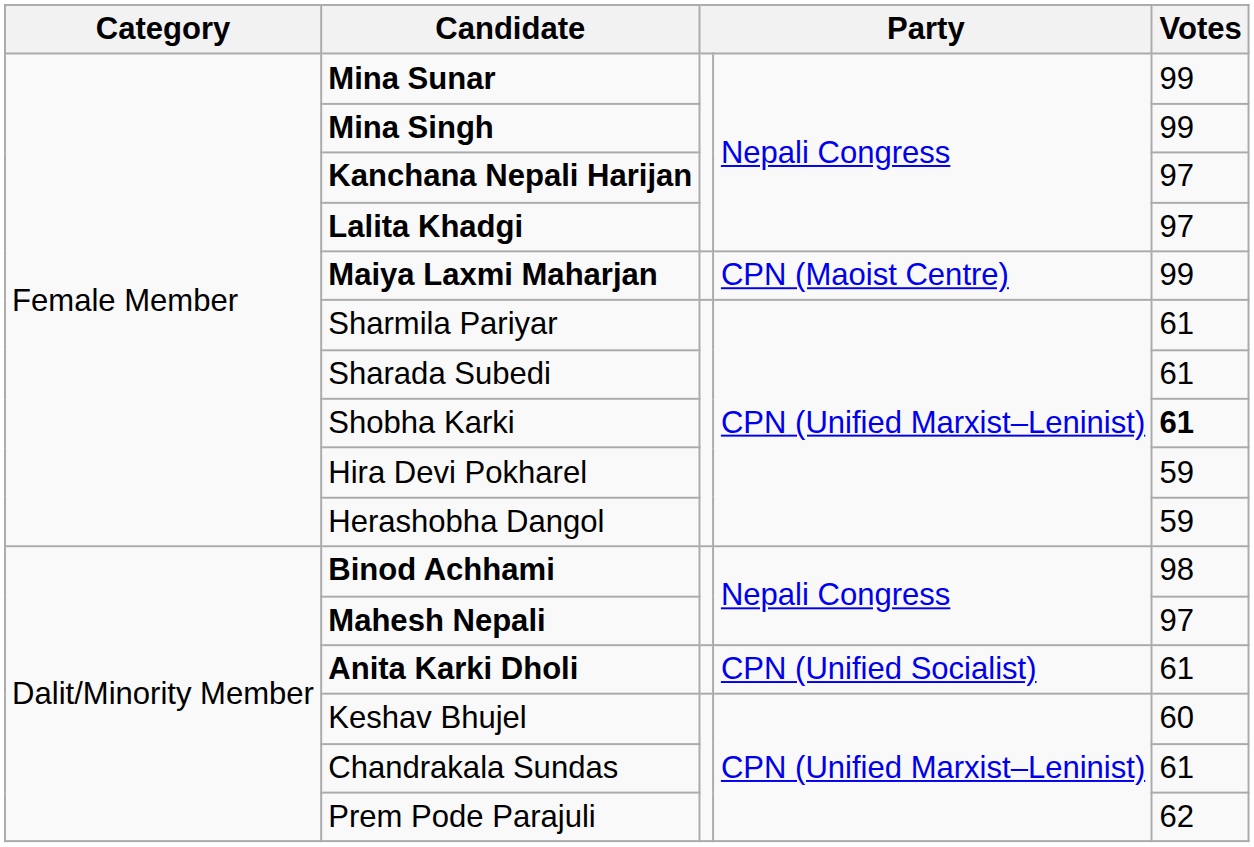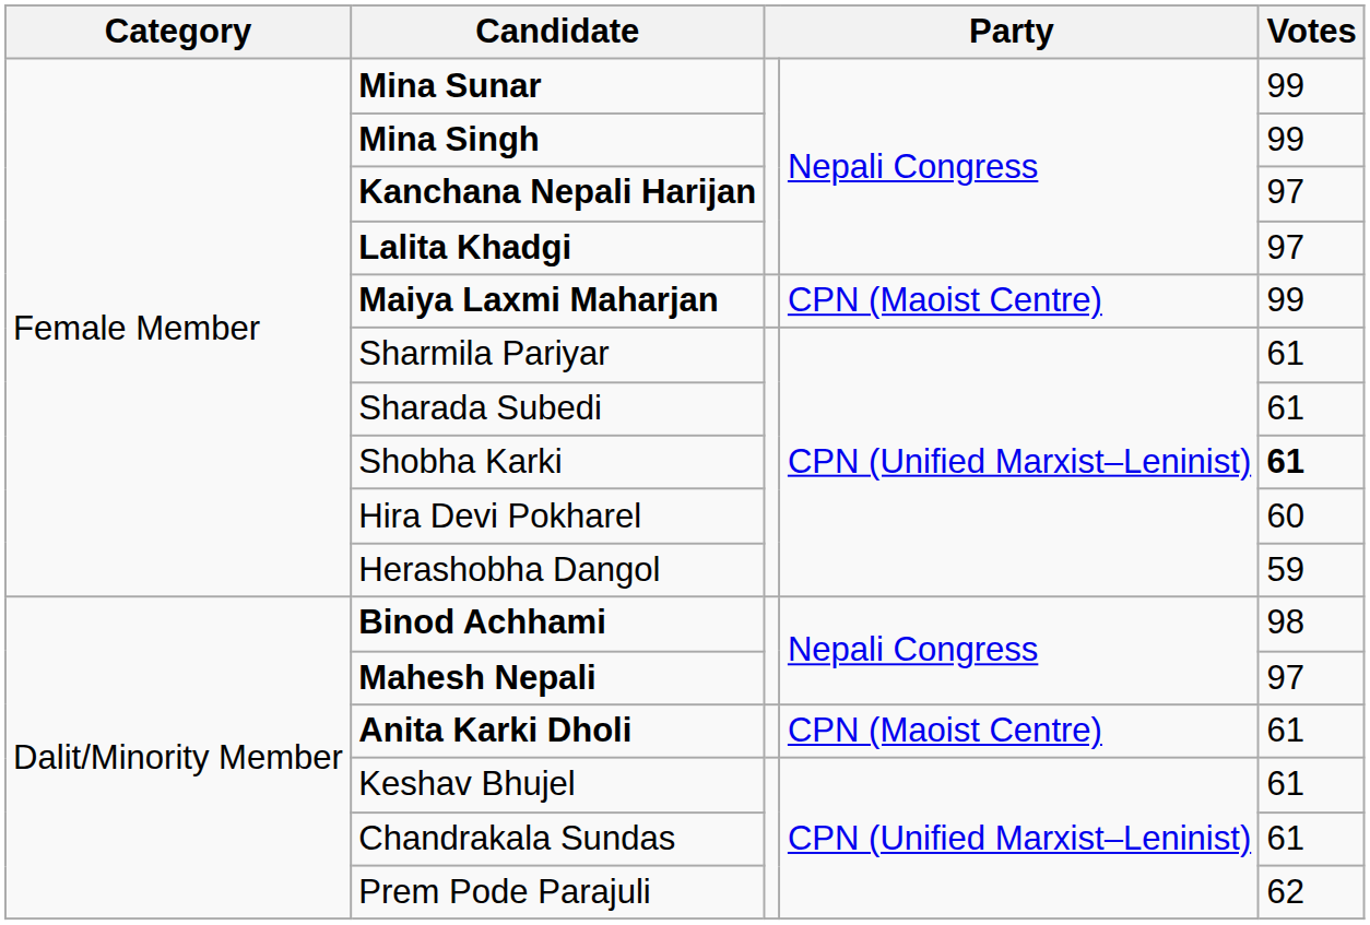 <table class="wikitable">
 <tr>
 <th>Category</th>
 <th>Candidate</th>
 <th colspan="2">Party</th>
 <th>Votes</th>
 </tr>
 <tr>
 <td rowspan="10">Female Member</td>
 <td><strong>Mina Sunar</strong></td>
 <td rowspan="4"><br></td>
 <td rowspan="4"><a href='#'>Nepali Congress</a></td>
 <td>99</td>
 </tr>
 <tr>
 <td><strong>Mina Singh</strong></td>
 <td>99</td>
 </tr>
 <tr>
 <td><strong>Kanchana Nepali Harijan</strong></td>
 <td>97</td>
 </tr>
 <tr>
 <td><strong>Lalita Khadgi</strong></td>
 <td>97</td>
 </tr>
 <tr>
 <td><strong>Maiya Laxmi Maharjan</strong></td>
 <td><br></td>
 <td><a href='#'>CPN (Maoist Centre)</a></td>
 <td>99</td>
 </tr>
 <tr>
 <td>Sharmila Pariyar</td>
 <td rowspan="5"><br></td>
 <td rowspan="5"><a href='#'>CPN (Unified Marxist–Leninist)</a></td>
 <td>61</td>
 </tr>
 <tr>
 <td>Sharada Subedi</td>
 <td>61</td>
 </tr>
 <tr>
 <td>Shobha Karki</td>
 <td><strong>61</strong></td>
 </tr>
 <tr>
 <td>Hira Devi Pokharel</td>
-<td>59</td>
+<td>60</td>
 </tr>
 <tr>
 <td>Herashobha Dangol</td>
 <td>59</td>
 </tr>
 <tr>
 <td rowspan="6">Dalit/Minority Member</td>
 <td><strong>Binod Achhami</strong></td>
 <td rowspan="2"><br></td>
 <td rowspan="2"><a href='#'>Nepali Congress</a></td>
 <td>98</td>
 </tr>
 <tr>
 <td><strong>Mahesh Nepali</strong></td>
 <td>97</td>
 </tr>
 <tr>
 <td><strong>Anita Karki Dholi</strong></td>
 <td><br></td>
-<td><a href='#'>CPN (Unified Socialist)</a></td>
+<td><a href='#'>CPN (Maoist Centre)</a></td>
 <td>61</td>
 </tr>
 <tr>
 <td>Keshav Bhujel</td>
 <td rowspan="3"><br></td>
 <td rowspan="3"><a href='#'>CPN (Unified Marxist–Leninist)</a></td>
-<td>60</td>
+<td>61</td>
 </tr>
 <tr>
 <td>Chandrakala Sundas</td>
 <td>61</td>
 </tr>
 <tr>
 <td>Prem Pode Parajuli</td>
 <td>62</td>
 </tr>
 </table>
